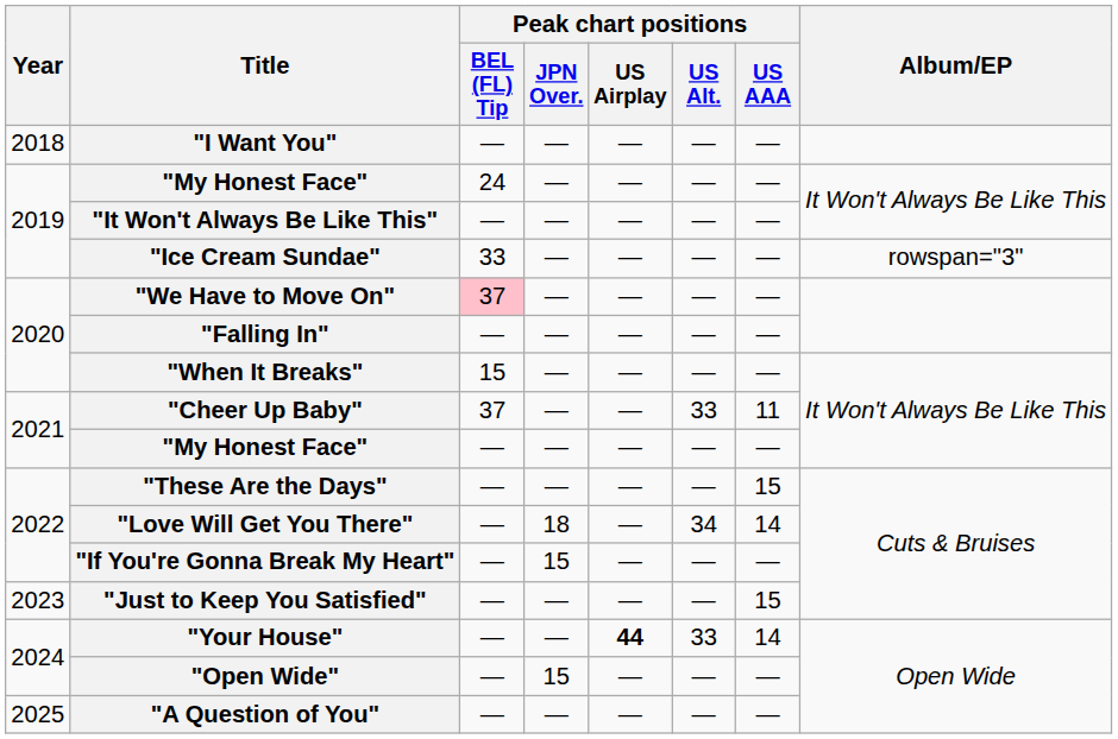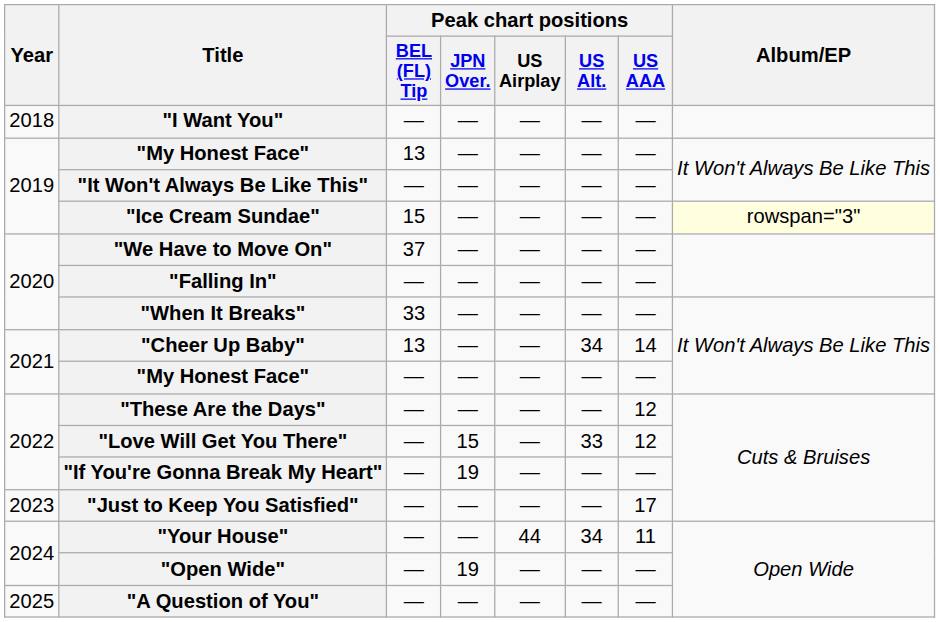 <table class="wikitable plainrowheaders" style="text-align:center;">
 <tr>
 <th scope="col" rowspan="2">Year</th>
 <th scope="col" rowspan="2">Title</th>
 <th colspan="5">Peak chart positions</th>
 <th scope="col" rowspan="2">Album/EP</th>
 </tr>
 <tr>
 <th scope="col" style="width:2.5em;font-size:90%;"><a href='#'>BEL<br>(FL)<br>Tip</a><br></th>
 <th scope="col" style="width:2.5em;font-size:90%;"><a href='#'>JPN<br>Over.</a><br></th>
 <th scope="col" style="width:2.5em;font-size:90%;">US Airplay</th>
 <th scope="col" style="width:2.5em;font-size:90%;"><a href='#'>US<br>Alt.</a><br></th>
 <th scope="col" style="width:2.5em;font-size:90%;"><a href='#'>US<br>AAA</a><br></th>
 </tr>
 <tr>
 <td>2018</td>
 <th scope="row">"I Want You"</th>
 <td>—</td>
 <td>—</td>
 <td>—</td>
 <td>—</td>
 <td>—</td>
 <td></td>
 </tr>
 <tr>
 <td rowspan="3">2019</td>
 <th scope="row">"My Honest Face"</th>
-<td>24</td>
+<td>13</td>
 <td>—</td>
 <td>—</td>
 <td>—</td>
 <td>—</td>
 <td rowspan="2"><em>It Won't Always Be Like This</em></td>
 </tr>
 <tr>
 <th scope="row">"It Won't Always Be Like This"</th>
 <td>—</td>
 <td>—</td>
 <td>—</td>
 <td>—</td>
 <td>—</td>
 </tr>
 <tr>
 <th scope="row">"Ice Cream Sundae"</th>
-<td>33</td>
+<td>15</td>
 <td>—</td>
 <td>—</td>
 <td>—</td>
 <td>—</td>
-<td>rowspan="3" </td>
+<td style="background: lightyellow;">rowspan="3" </td>
 </tr>
 <tr>
 <td rowspan="3">2020</td>
 <th scope="row">"We Have to Move On"</th>
-<td style="background: pink;">37</td>
+<td>37</td>
 <td>—</td>
 <td>—</td>
 <td>—</td>
 <td>—</td>
 </tr>
 <tr>
 <th scope="row">"Falling In"</th>
 <td>—</td>
 <td>—</td>
 <td>—</td>
 <td>—</td>
 <td>—</td>
 </tr>
 <tr>
 <th scope="row">"When It Breaks"</th>
-<td>15</td>
+<td>33</td>
 <td>—</td>
 <td>—</td>
 <td>—</td>
 <td>—</td>
 <td rowspan="3"><em>It Won't Always Be Like This</em></td>
 </tr>
 <tr>
 <td rowspan="2">2021</td>
 <th scope="row">"Cheer Up Baby"</th>
-<td>37</td>
+<td>13</td>
 <td>—</td>
 <td>—</td>
-<td>33</td>
-<td>11</td>
+<td>34</td>
+<td>14</td>
 </tr>
 <tr>
 <th scope="row">"My Honest Face"</th>
 <td>—</td>
 <td>—</td>
 <td>—</td>
 <td>—</td>
 <td>—</td>
 </tr>
 <tr>
 <td rowspan="3">2022</td>
 <th scope="row">"These Are the Days"</th>
 <td>—</td>
 <td>—</td>
 <td>—</td>
 <td>—</td>
-<td>15</td>
+<td>12</td>
 <td rowspan="4"><em>Cuts & Bruises</em></td>
 </tr>
 <tr>
 <th scope="row">"Love Will Get You There"</th>
 <td>—</td>
-<td>18</td>
+<td>15</td>
 <td>—</td>
-<td>34</td>
-<td>14</td>
+<td>33</td>
+<td>12</td>
 </tr>
 <tr>
 <th scope="row">"If You're Gonna Break My Heart"</th>
 <td>—</td>
-<td>15</td>
+<td>19</td>
 <td>—</td>
 <td>—</td>
 <td>—</td>
 </tr>
 <tr>
 <td>2023</td>
 <th scope="row">"Just to Keep You Satisfied"</th>
 <td>—</td>
 <td>—</td>
 <td>—</td>
 <td>—</td>
-<td>15</td>
+<td>17</td>
 </tr>
 <tr>
 <td rowspan="2">2024</td>
 <th scope="row">"Your House"</th>
 <td>—</td>
 <td>—</td>
-<td><strong>44</strong></td>
-<td>33</td>
-<td>14</td>
+<td>44</td>
+<td>34</td>
+<td>11</td>
 <td rowspan="3"><em>Open Wide</em></td>
 </tr>
 <tr>
 <th scope="row">"Open Wide"</th>
 <td>—</td>
-<td>15</td>
+<td>19</td>
 <td>—</td>
 <td>—</td>
 <td>—</td>
 </tr>
 <tr>
 <td>2025</td>
 <th scope="row">"A Question of You"</th>
 <td>—</td>
 <td>—</td>
 <td>—</td>
 <td>—</td>
 <td>—</td>
 </tr>
 </table>
